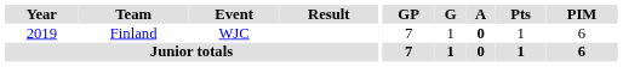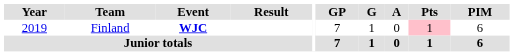 <table border="0" cellpadding="1" cellspacing="0" ID="Table3" style="text-align:center; width:40em">
 <tr ALIGN="center" bgcolor="#e0e0e0">
 <th>Year</th>
 <th>Team</th>
 <th>Event</th>
 <th>Result</th>
 <th rowspan="99" bgcolor="#ffffff"></th>
 <th>GP</th>
 <th>G</th>
 <th>A</th>
 <th>Pts</th>
 <th>PIM</th>
 </tr>
 <tr>
 <td><a href='#'>2019</a></td>
 <td><a href='#'>Finland</a></td>
-<td><a href='#'>WJC</a></td>
+<td><strong><a href='#'>WJC</a></strong></td>
 <td></td>
 <td>7</td>
 <td>1</td>
-<td><strong>0</strong></td>
-<td>1</td>
+<td>0</td>
+<td style="background: pink;">1</td>
 <td>6</td>
 </tr>
 <tr bgcolor="#e0e0e0">
 <th colspan="4">Junior totals</th>
 <th>7</th>
 <th>1</th>
 <th>0</th>
 <th>1</th>
 <th>6</th>
 </tr>
 </table>
